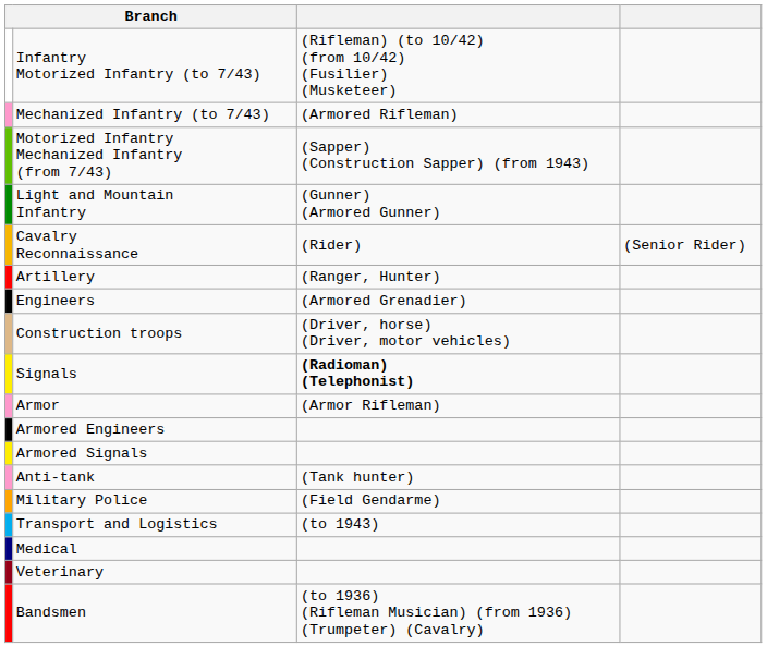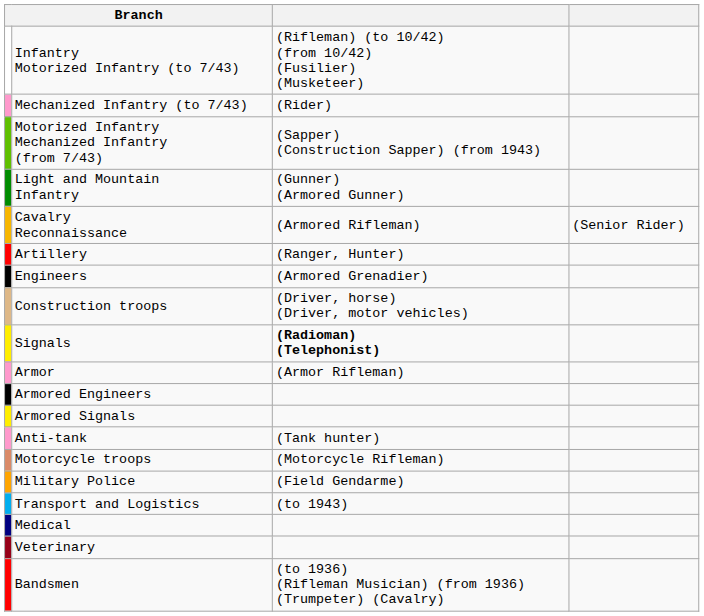 <table class="wikitable" style = "width:675px;">
 <tr>
 <th colspan=2>Branch</th>
 <th><br><strong></strong></th>
 <th> <br><strong></strong></th>
 </tr>
 <tr>
 <td style = "background:white"></td>
 <td>Infantry<br>Motorized Infantry (to 7/43)</td>
 <td> (Rifleman) (to 10/42)<br> (from 10/42)<br> (Fusilier)<br> (Musketeer)</td>
 <td></td>
 </tr>
 <tr>
 <td style="background:#FF99CC"></td>
 <td>Mechanized Infantry (to 7/43)</td>
-<td> (Armored Rifleman)</td>
+<td> (Rider)</td>
 <td></td>
 </tr>
 <tr>
 <td style="background:#60c000"></td>
 <td>Motorized Infantry<br>Mechanized Infantry<br> (from 7/43)</td>
 <td> (Sapper)<br> (Construction Sapper) (from 1943)</td>
 <td></td>
 </tr>
 <tr>
 <td style="background:#008B00"></td>
 <td>Light and Mountain<br> Infantry</td>
 <td> (Gunner)<br> (Armored Gunner)</td>
 <td></td>
 </tr>
 <tr>
 <td style="background:#F7B600"></td>
 <td>Cavalry<br>Reconnaissance</td>
-<td> (Rider)</td>
+<td> (Armored Rifleman)</td>
 <td> (Senior Rider)</td>
 </tr>
 <tr>
 <td style="background:#FF0000;"></td>
 <td>Artillery</td>
 <td> (Ranger, Hunter)</td>
 <td><br></td>
 </tr>
 <tr>
 <td style="background:black;"></td>
 <td>Engineers</td>
 <td> (Armored Grenadier)</td>
 <td><br></td>
 </tr>
 <tr>
 <td style="background:#DEB887;"></td>
 <td>Construction troops</td>
 <td> (Driver, horse)<br> (Driver, motor vehicles)</td>
 <td></td>
 </tr>
 <tr>
 <td style="background:#FFEE00;"></td>
 <td>Signals</td>
 <td><strong> (Radioman)<br> (Telephonist)</strong></td>
 <td></td>
 </tr>
 <tr>
 <td style="background:#FF99CC"></td>
 <td>Armor</td>
 <td> (Armor Rifleman)</td>
 <td></td>
 </tr>
 <tr>
 <td style="background:black;"></td>
 <td>Armored Engineers</td>
 <td></td>
 <td></td>
 </tr>
 <tr>
 <td style="background:#FFEE00;"></td>
 <td>Armored Signals</td>
 <td></td>
 <td></td>
 </tr>
 <tr>
 <td style="background:#FF99CC"></td>
 <td>Anti-tank</td>
 <td> (Tank hunter)</td>
 <td></td>
 </tr>
 <tr>
+<td style="background:#DA8A67"></td>
+<td>Motorcycle troops</td>
+<td> (Motorcycle Rifleman)</td>
+<td></td>
+</tr>
+<tr>
 <td style="background:orange;"></td>
 <td>Military Police</td>
 <td> (Field Gendarme)</td>
 <td></td>
 </tr>
 <tr>
 <td style="background:#00AEEF;"></td>
 <td>Transport and Logistics</td>
 <td> (to 1943)</td>
 <td></td>
 </tr>
 <tr>
 <td style="background:#000080;"></td>
 <td>Medical</td>
 <td></td>
 <td></td>
 </tr>
 <tr>
 <td style="background:#960018;"></td>
 <td>Veterinary</td>
 <td></td>
 <td></td>
 </tr>
 <tr>
 <td style="background:#FF0000"></td>
 <td>Bandsmen</td>
 <td> (to 1936)<br> (Rifleman Musician) (from 1936)<br> (Trumpeter) (Cavalry)</td>
 <td></td>
 </tr>
 </table>
